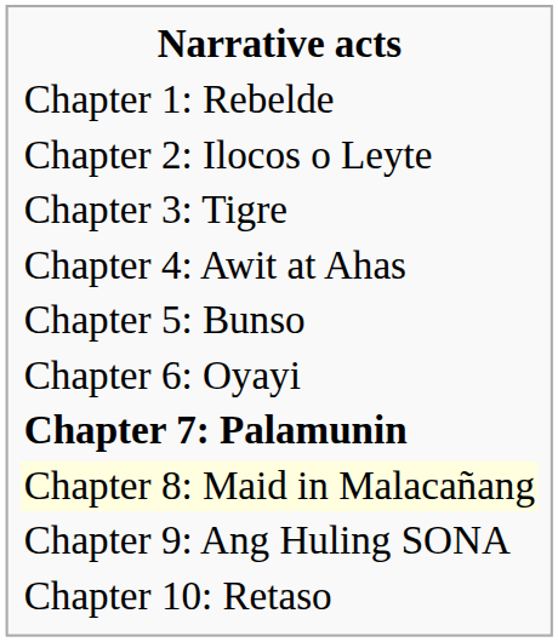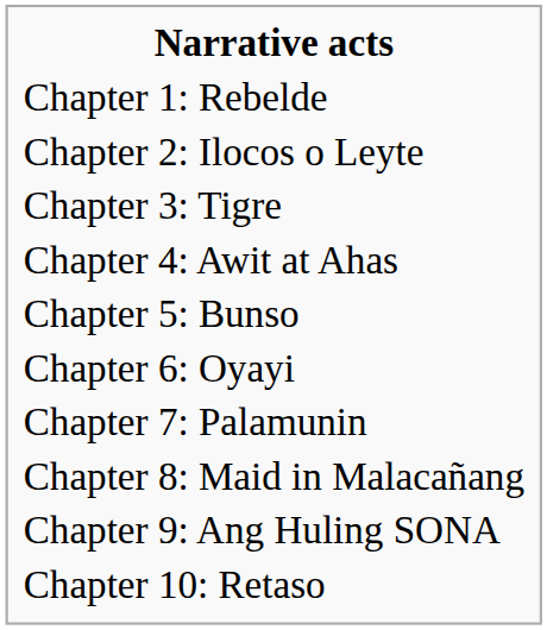 <table class="infobox">
 <tr>
 <th style="font-size:100%; text-align: center;">Narrative acts</th>
 </tr>
 <tr>
 <td>Chapter 1: Rebelde</td>
 </tr>
 <tr>
 <td>Chapter 2: Ilocos o Leyte</td>
 </tr>
 <tr>
 <td>Chapter 3: Tigre</td>
 </tr>
 <tr>
 <td>Chapter 4: Awit at Ahas</td>
 </tr>
 <tr>
 <td>Chapter 5: Bunso</td>
 </tr>
 <tr>
 <td>Chapter 6: Oyayi</td>
 </tr>
 <tr>
-<td><strong>Chapter 7: Palamunin</strong></td>
+<td>Chapter 7: Palamunin</td>
 </tr>
 <tr>
-<td style="background: lightyellow;">Chapter 8: Maid in Malacañang</td>
+<td>Chapter 8: Maid in Malacañang</td>
 </tr>
 <tr>
 <td>Chapter 9: Ang Huling SONA</td>
 </tr>
 <tr>
 <td>Chapter 10: Retaso</td>
 </tr>
 </table>
